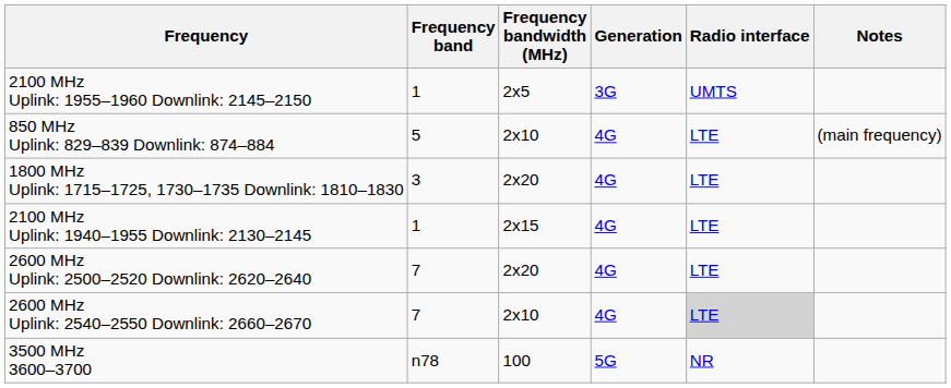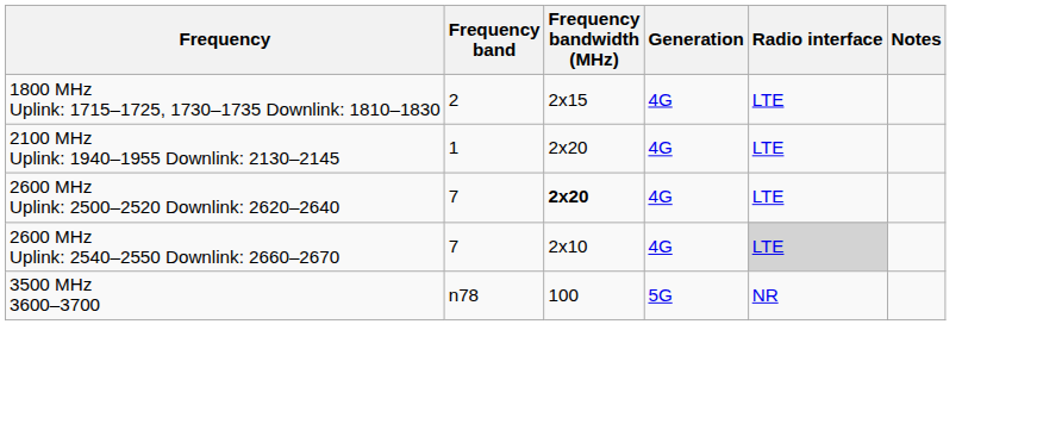 <table class="wikitable sortable">
 <tr>
 <th>Frequency</th>
 <th>Frequency<br>band</th>
 <th>Frequency<br>bandwidth<br>(MHz)</th>
 <th>Generation</th>
 <th>Radio interface</th>
 <th>Notes</th>
 </tr>
 <tr>
-<td>2100 MHz<br>Uplink: 1955–1960 Downlink: 2145–2150</td>
-<td>1</td>
-<td>2x5</td>
-<td><a href='#'>3G</a></td>
-<td><a href='#'>UMTS</a></td>
-<td></td>
-</tr>
-<tr>
-<td>850 MHz<br>Uplink: 829–839 Downlink: 874–884</td>
-<td>5</td>
-<td>2x10</td>
-<td><a href='#'>4G</a></td>
-<td><a href='#'>LTE</a></td>
-<td>(main frequency)</td>
-</tr>
-<tr>
 <td>1800 MHz<br>Uplink: 1715–1725, 1730–1735 Downlink: 1810–1830</td>
-<td>3</td>
-<td>2x20</td>
+<td>2</td>
+<td>2x15</td>
 <td><a href='#'>4G</a></td>
 <td><a href='#'>LTE</a></td>
 <td></td>
 </tr>
 <tr>
 <td>2100 MHz<br>Uplink: 1940–1955 Downlink: 2130–2145</td>
 <td>1</td>
-<td>2x15</td>
+<td>2x20</td>
 <td><a href='#'>4G</a></td>
 <td><a href='#'>LTE</a></td>
 <td></td>
 </tr>
 <tr>
 <td>2600 MHz<br>Uplink: 2500–2520 Downlink: 2620–2640</td>
 <td>7</td>
-<td>2x20</td>
+<td><strong>2x20</strong></td>
 <td><a href='#'>4G</a></td>
 <td><a href='#'>LTE</a></td>
 <td></td>
 </tr>
 <tr>
 <td>2600 MHz<br>Uplink: 2540–2550 Downlink: 2660–2670</td>
 <td>7</td>
 <td>2x10</td>
 <td><a href='#'>4G</a></td>
 <td style="background: lightgrey;"><a href='#'>LTE</a></td>
 <td></td>
 </tr>
 <tr>
 <td>3500 MHz<br>3600–3700</td>
 <td>n78</td>
 <td>100</td>
 <td><a href='#'>5G</a></td>
 <td><a href='#'>NR</a></td>
 <td></td>
 </tr>
 </table>
